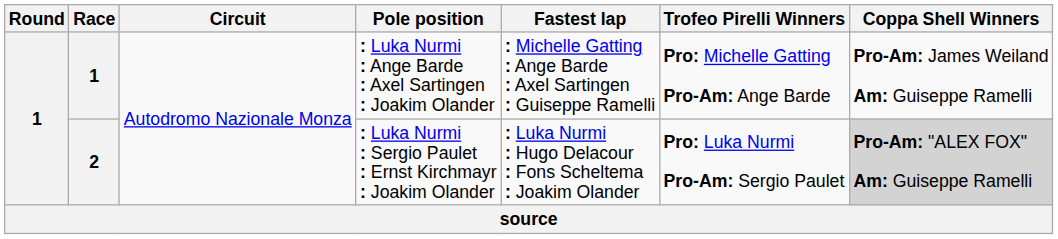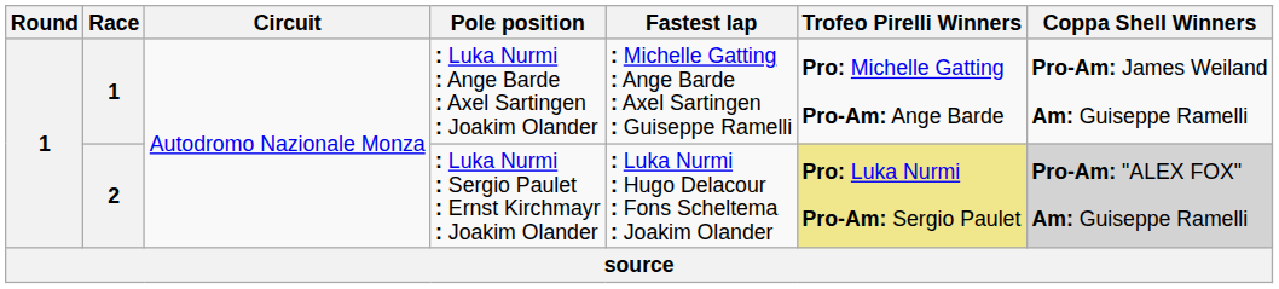 <table class="wikitable" style="font-size: 85%;">
 <tr>
 <th>Round</th>
 <th>Race</th>
 <th>Circuit</th>
 <th>Pole position</th>
 <th>Fastest lap</th>
 <th>Trofeo Pirelli Winners</th>
 <th>Coppa Shell Winners</th>
 </tr>
 <tr>
 <th rowspan=2>1</th>
 <th>1</th>
 <td rowspan=2> <a href='#'>Autodromo Nazionale Monza</a></td>
 <td><strong>:</strong>  <a href='#'>Luka Nurmi</a><br><strong>:</strong>  Ange Barde<br><strong>:</strong>  Axel Sartingen<br><strong>:</strong>  Joakim Olander</td>
 <td><strong>:</strong>  <a href='#'>Michelle Gatting</a><br><strong>:</strong>  Ange Barde<br><strong>:</strong>  Axel Sartingen<br><strong>:</strong>  Guiseppe Ramelli</td>
 <td><strong>Pro:</strong>  <a href='#'>Michelle Gatting</a><br><br><strong>Pro-Am:</strong> Ange Barde<br> </td>
 <td><strong>Pro-Am:</strong>  James Weiland<br><br><strong>Am:</strong>  Guiseppe Ramelli<br></td>
 </tr>
 <tr>
 <th>2</th>
 <td><strong>:</strong>  <a href='#'>Luka Nurmi</a><br><strong>:</strong>  Sergio Paulet<br><strong>:</strong>  Ernst Kirchmayr<br><strong>:</strong>  Joakim Olander</td>
 <td><strong>:</strong>  <a href='#'>Luka Nurmi</a><br><strong>:</strong>  Hugo Delacour<br><strong>:</strong>  Fons Scheltema<br><strong>:</strong>  Joakim Olander</td>
-<td><strong>Pro:</strong>  <a href='#'>Luka Nurmi</a><br><br><strong>Pro-Am:</strong> Sergio Paulet<br> </td>
+<td style="background: khaki;"><strong>Pro:</strong>  <a href='#'>Luka Nurmi</a><br><br><strong>Pro-Am:</strong> Sergio Paulet<br> </td>
 <td style="background: lightgrey;"><strong>Pro-Am:</strong>  "ALEX FOX"<br><br><strong>Am:</strong>  Guiseppe Ramelli<br></td>
 </tr>
 <tr>
 <th colspan=7>source </th>
 </tr>
 </table>
